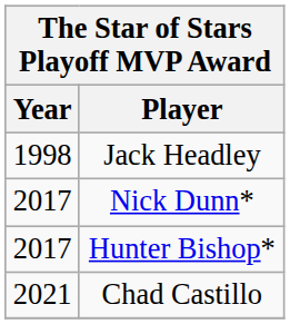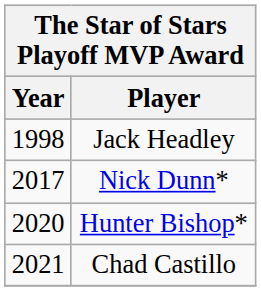 <table class="wikitable" style="display: inline-table; margin-right: 20px; text-align:center">
 <tr>
 <th scope="col" colspan="2" style="width: 145px;">The Star of Stars Playoff MVP Award</th>
 </tr>
 <tr>
 <th scope="col">Year</th>
 <th scope="col">Player</th>
 </tr>
 <tr>
 <td>1998</td>
 <td>Jack Headley</td>
 </tr>
 <tr>
 <td>2017</td>
 <td><a href='#'>Nick Dunn</a>*</td>
 </tr>
 <tr>
-<td>2017</td>
+<td>2020</td>
 <td><a href='#'>Hunter Bishop</a>*</td>
 </tr>
 <tr>
 <td>2021</td>
 <td>Chad Castillo</td>
 </tr>
 <tr>
 </tr>
 </table>
